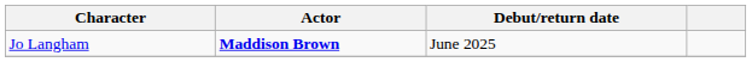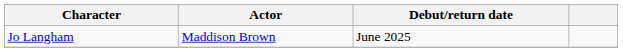 <table class="wikitable plainrowheaders sortable">
 <tr>
 <th width=200>Character</th>
 <th width=200>Actor</th>
 <th width=250>Debut/return date</th>
 <th width=50></th>
 </tr>
 <tr>
 <td><a href='#'>Jo Langham</a></td>
-<td><strong><a href='#'>Maddison Brown</a></strong></td>
+<td><a href='#'>Maddison Brown</a></td>
 <td>June 2025</td>
 <td align="center"></td>
 </tr>
 <tr>
 </tr>
 </table>
